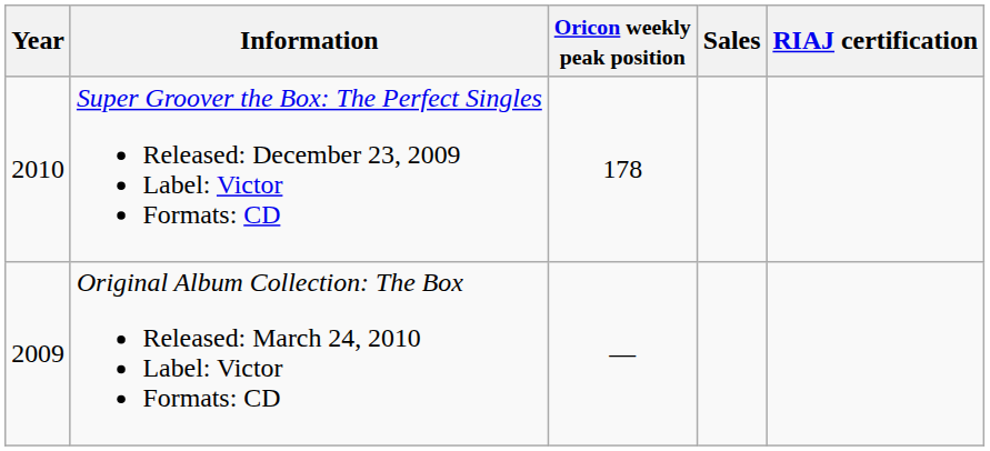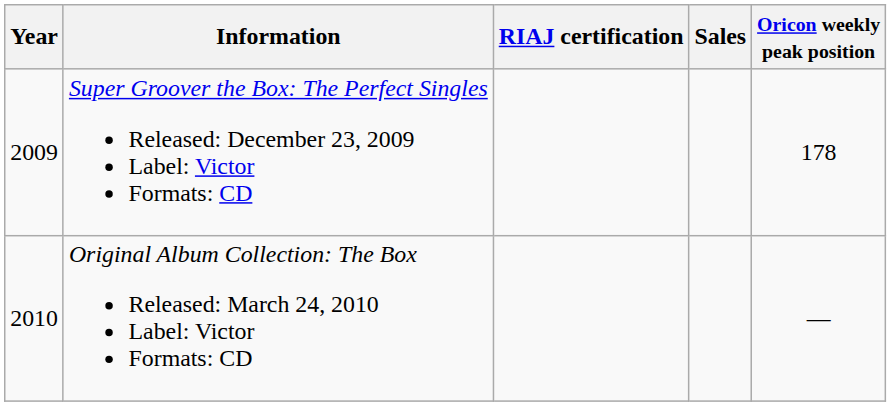 <table class="wikitable">
 <tr>
 <th>Year</th>
 <th>Information</th>
+<th><a href='#'>RIAJ</a> certification</th>
+<th>Sales<br></th>
 <th><small><a href='#'>Oricon</a> weekly<br>peak position</small></th>
-<th>Sales<br></th>
-<th><a href='#'>RIAJ</a> certification</th>
+</tr>
+<tr>
+<td>2009</td>
+<td><em><a href='#'>Super Groover the Box: The Perfect Singles</a></em><br><ul><li>Released: December 23, 2009</li><li>Label: <a href='#'>Victor</a></li><li>Formats: <a href='#'>CD</a></li></ul></td>
+<td align="left"></td>
+<td align="left"></td>
+<td style="text-align:center;">178</td>
 </tr>
 <tr>
 <td>2010</td>
-<td><em><a href='#'>Super Groover the Box: The Perfect Singles</a></em><br><ul><li>Released: December 23, 2009</li><li>Label: <a href='#'>Victor</a></li><li>Formats: <a href='#'>CD</a></li></ul></td>
-<td style="text-align:center;">178</td>
+<td><em>Original Album Collection: The Box</em><br><ul><li>Released: March 24, 2010</li><li>Label: Victor</li><li>Formats: CD</li></ul></td>
 <td align="left"></td>
 <td align="left"></td>
-</tr>
-<tr>
-<td>2009</td>
-<td><em>Original Album Collection: The Box</em><br><ul><li>Released: March 24, 2010</li><li>Label: Victor</li><li>Formats: CD</li></ul></td>
 <td style="text-align:center;">—</td>
-<td align="left"></td>
-<td align="left"></td>
 </tr>
 </table>
